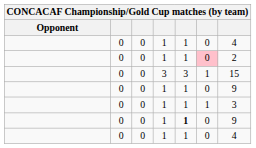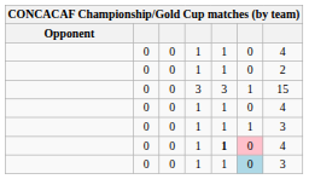 <table class="wikitable sortable" style="text-align: center;">
 <tr>
 <th colspan=7>CONCACAF Championship/Gold Cup matches (by team)</th>
 </tr>
 <tr>
 <th>Opponent</th>
 <th></th>
 <th></th>
 <th></th>
 <th></th>
 <th></th>
 <th></th>
 </tr>
 <tr>
 <td align="left"></td>
 <td>0</td>
 <td>0</td>
 <td>1</td>
 <td>1</td>
 <td>0</td>
 <td>4</td>
 </tr>
 <tr>
 <td align="left"></td>
 <td>0</td>
 <td>0</td>
 <td>1</td>
 <td>1</td>
-<td style="background: pink;">0</td>
+<td>0</td>
 <td>2</td>
 </tr>
 <tr>
 <td align="left"></td>
 <td>0</td>
 <td>0</td>
 <td>3</td>
 <td>3</td>
 <td>1</td>
 <td>15</td>
 </tr>
 <tr>
 <td align="left"></td>
 <td>0</td>
 <td>0</td>
 <td>1</td>
 <td>1</td>
 <td>0</td>
-<td>9</td>
+<td>4</td>
 </tr>
 <tr>
 <td align="left"></td>
 <td>0</td>
 <td>0</td>
 <td>1</td>
 <td>1</td>
 <td>1</td>
 <td>3</td>
 </tr>
 <tr>
 <td align="left"></td>
 <td>0</td>
 <td>0</td>
 <td>1</td>
 <td><strong>1</strong></td>
-<td>0</td>
-<td>9</td>
+<td style="background: pink;">0</td>
+<td>4</td>
 </tr>
 <tr>
 <td align="left"></td>
 <td>0</td>
 <td>0</td>
 <td>1</td>
 <td>1</td>
-<td>0</td>
-<td>4</td>
+<td style="background: lightblue;">0</td>
+<td>3</td>
 </tr>
 </table>
